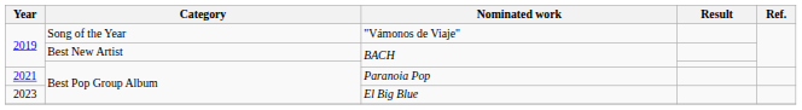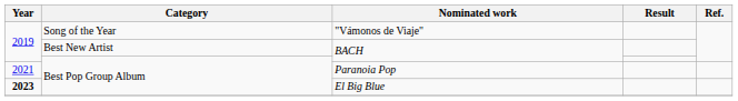 <table class="wikitable" style="width:85%;">
 <tr>
 <th width=5%>Year</th>
 <th style="width:40%;">Category</th>
 <th style="width:40%;">Nominated work</th>
 <th style="width:10%;">Result</th>
 <th style="width:5%;">Ref.</th>
 </tr>
 <tr>
 <td rowspan="3" style="text-align:center;"><a href='#'>2019</a></td>
 <td>Song of the Year</td>
 <td>"Vámonos de Viaje"</td>
 <td></td>
 <td rowspan="3"></td>
 </tr>
 <tr>
 <td>Best New Artist</td>
 <td rowspan="2"><em>BACH</em></td>
 <td></td>
 </tr>
 <tr>
 <td rowspan="3">Best Pop Group Album</td>
 <td></td>
 </tr>
 <tr>
 <td style="text-align:center;"><a href='#'>2021</a></td>
 <td><em>Paranoia Pop</em></td>
 <td></td>
 <td></td>
 </tr>
 <tr>
-<td align="center">2023</td>
+<td align="center"><strong>2023</strong></td>
 <td><em>El Big Blue</em></td>
 <td></td>
 <td></td>
 </tr>
 <tr>
 </tr>
 </table>
